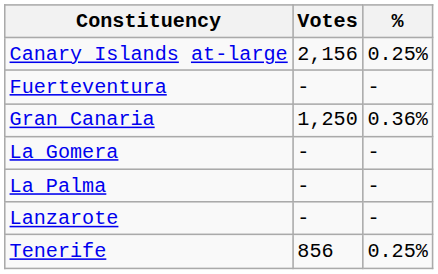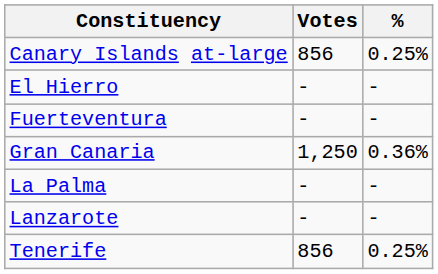 <table class="wikitable" style="display: inline-table;">
 <tr>
 <th>Constituency</th>
 <th>Votes</th>
 <th>%</th>
 </tr>
 <tr>
 <td><a href='#'>Canary Islands</a> <a href='#'>at-large</a></td>
-<td>2,156</td>
+<td>856</td>
 <td>0.25%</td>
+</tr>
+<tr>
+<td><a href='#'>El Hierro</a></td>
+<td>-</td>
+<td>-</td>
 </tr>
 <tr>
 <td><a href='#'>Fuerteventura</a></td>
 <td>-</td>
 <td>-</td>
 </tr>
 <tr>
 <td><a href='#'>Gran Canaria</a></td>
 <td>1,250</td>
 <td>0.36%</td>
-</tr>
-<tr>
-<td><a href='#'>La Gomera</a></td>
-<td>-</td>
-<td>-</td>
 </tr>
 <tr>
 <td><a href='#'>La Palma</a></td>
 <td>-</td>
 <td>-</td>
 </tr>
 <tr>
 <td><a href='#'>Lanzarote</a></td>
 <td>-</td>
 <td>-</td>
 </tr>
 <tr>
 <td><a href='#'>Tenerife</a></td>
 <td>856</td>
 <td>0.25%</td>
 </tr>
 </table>
